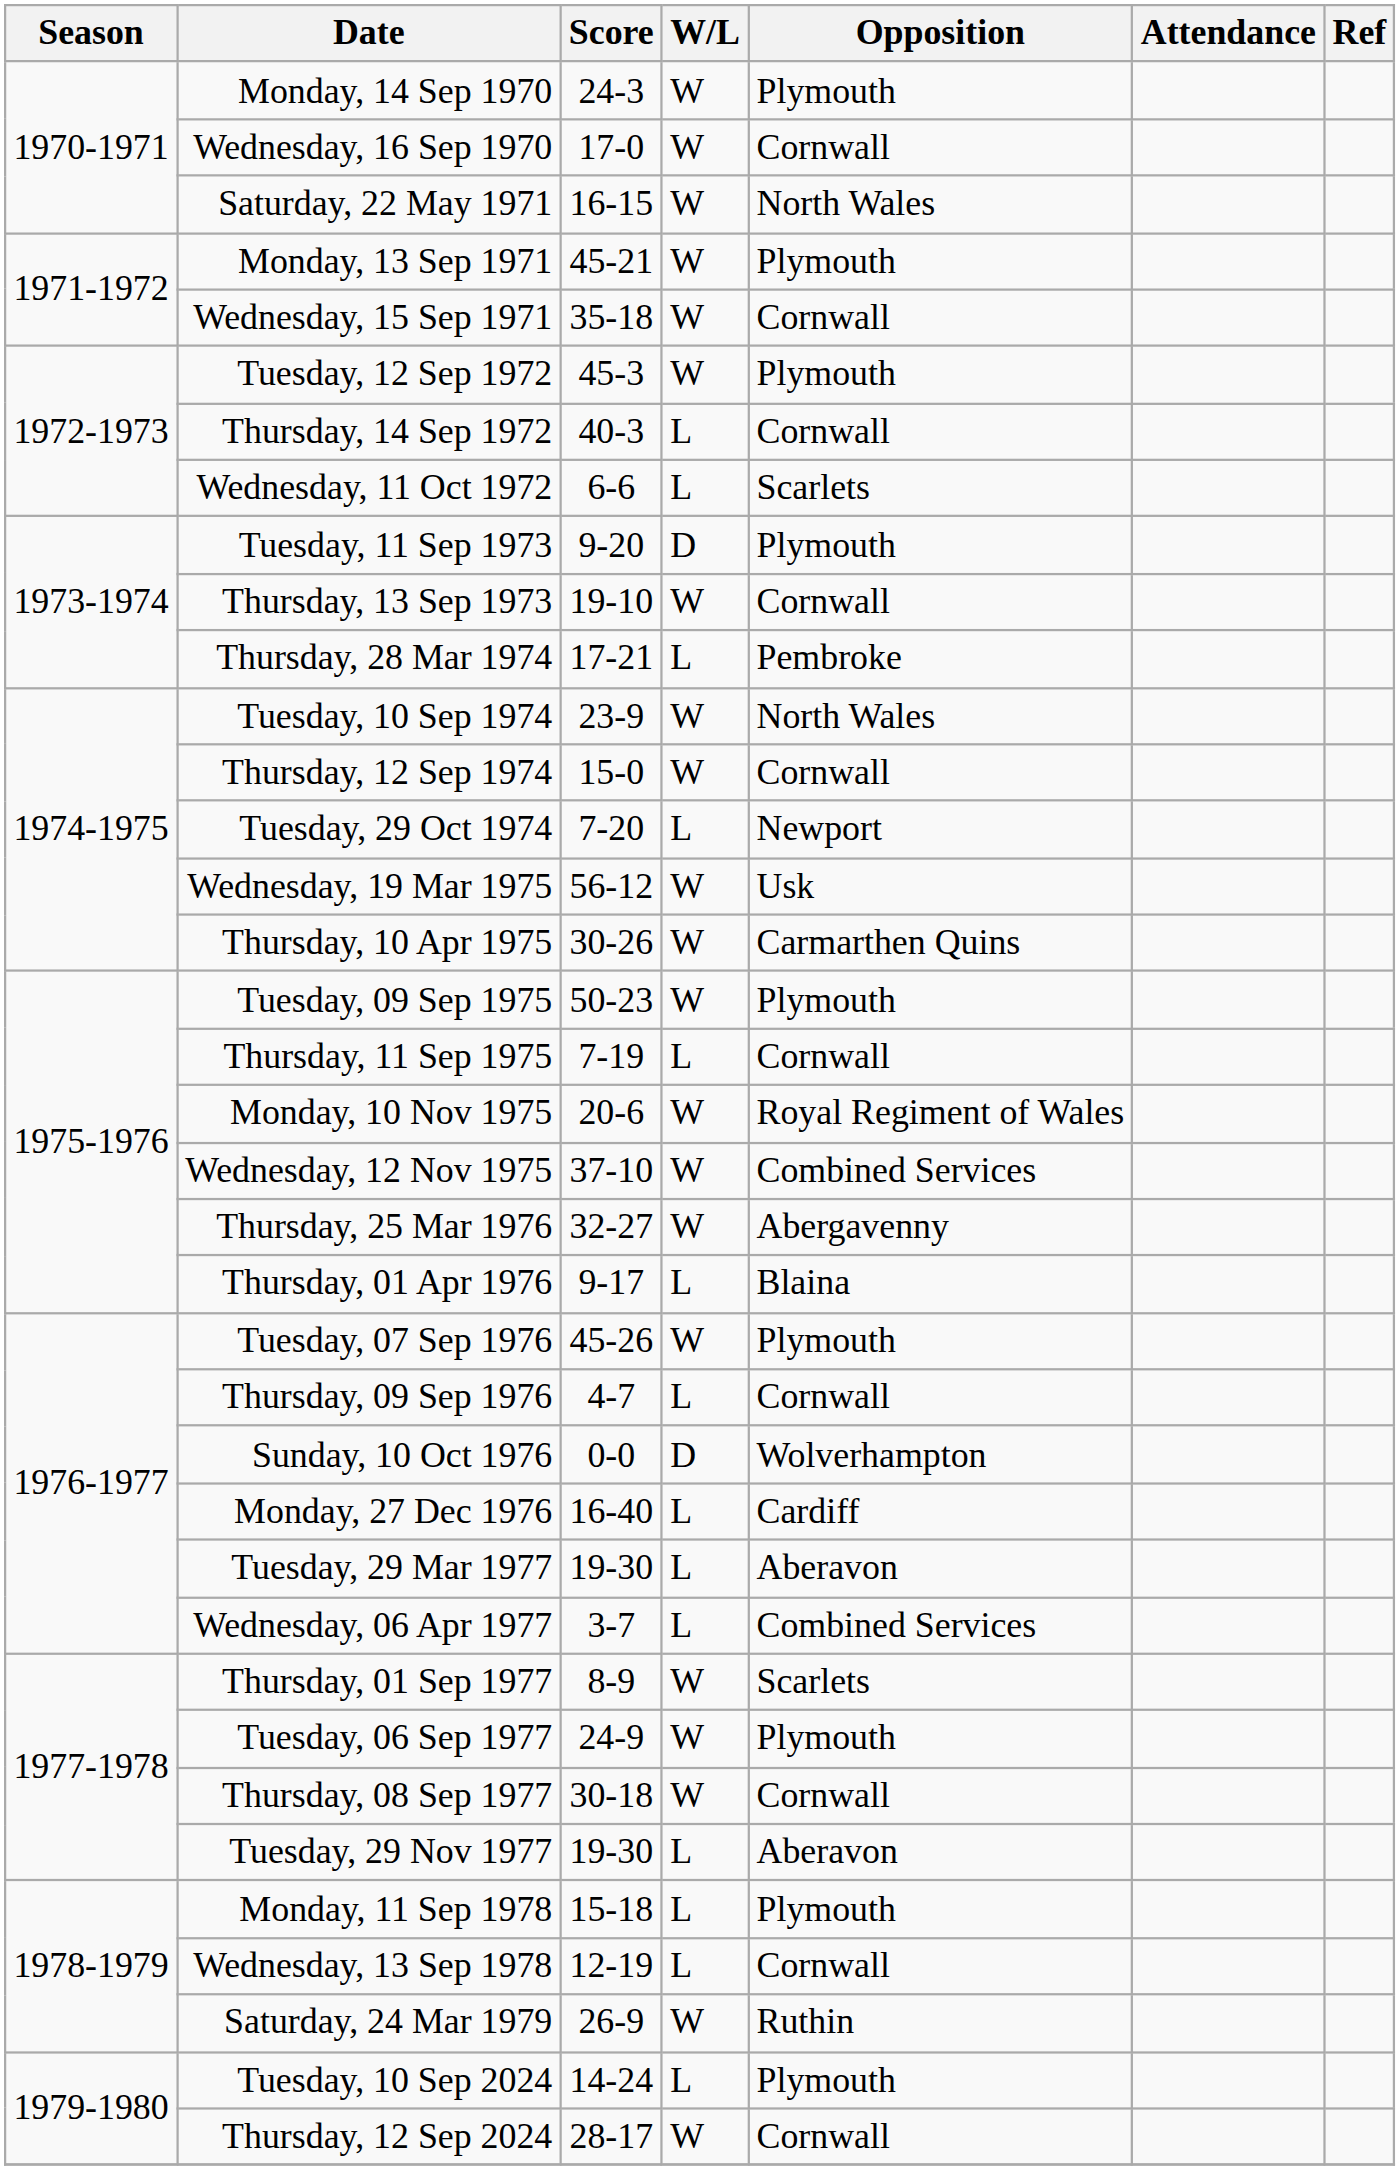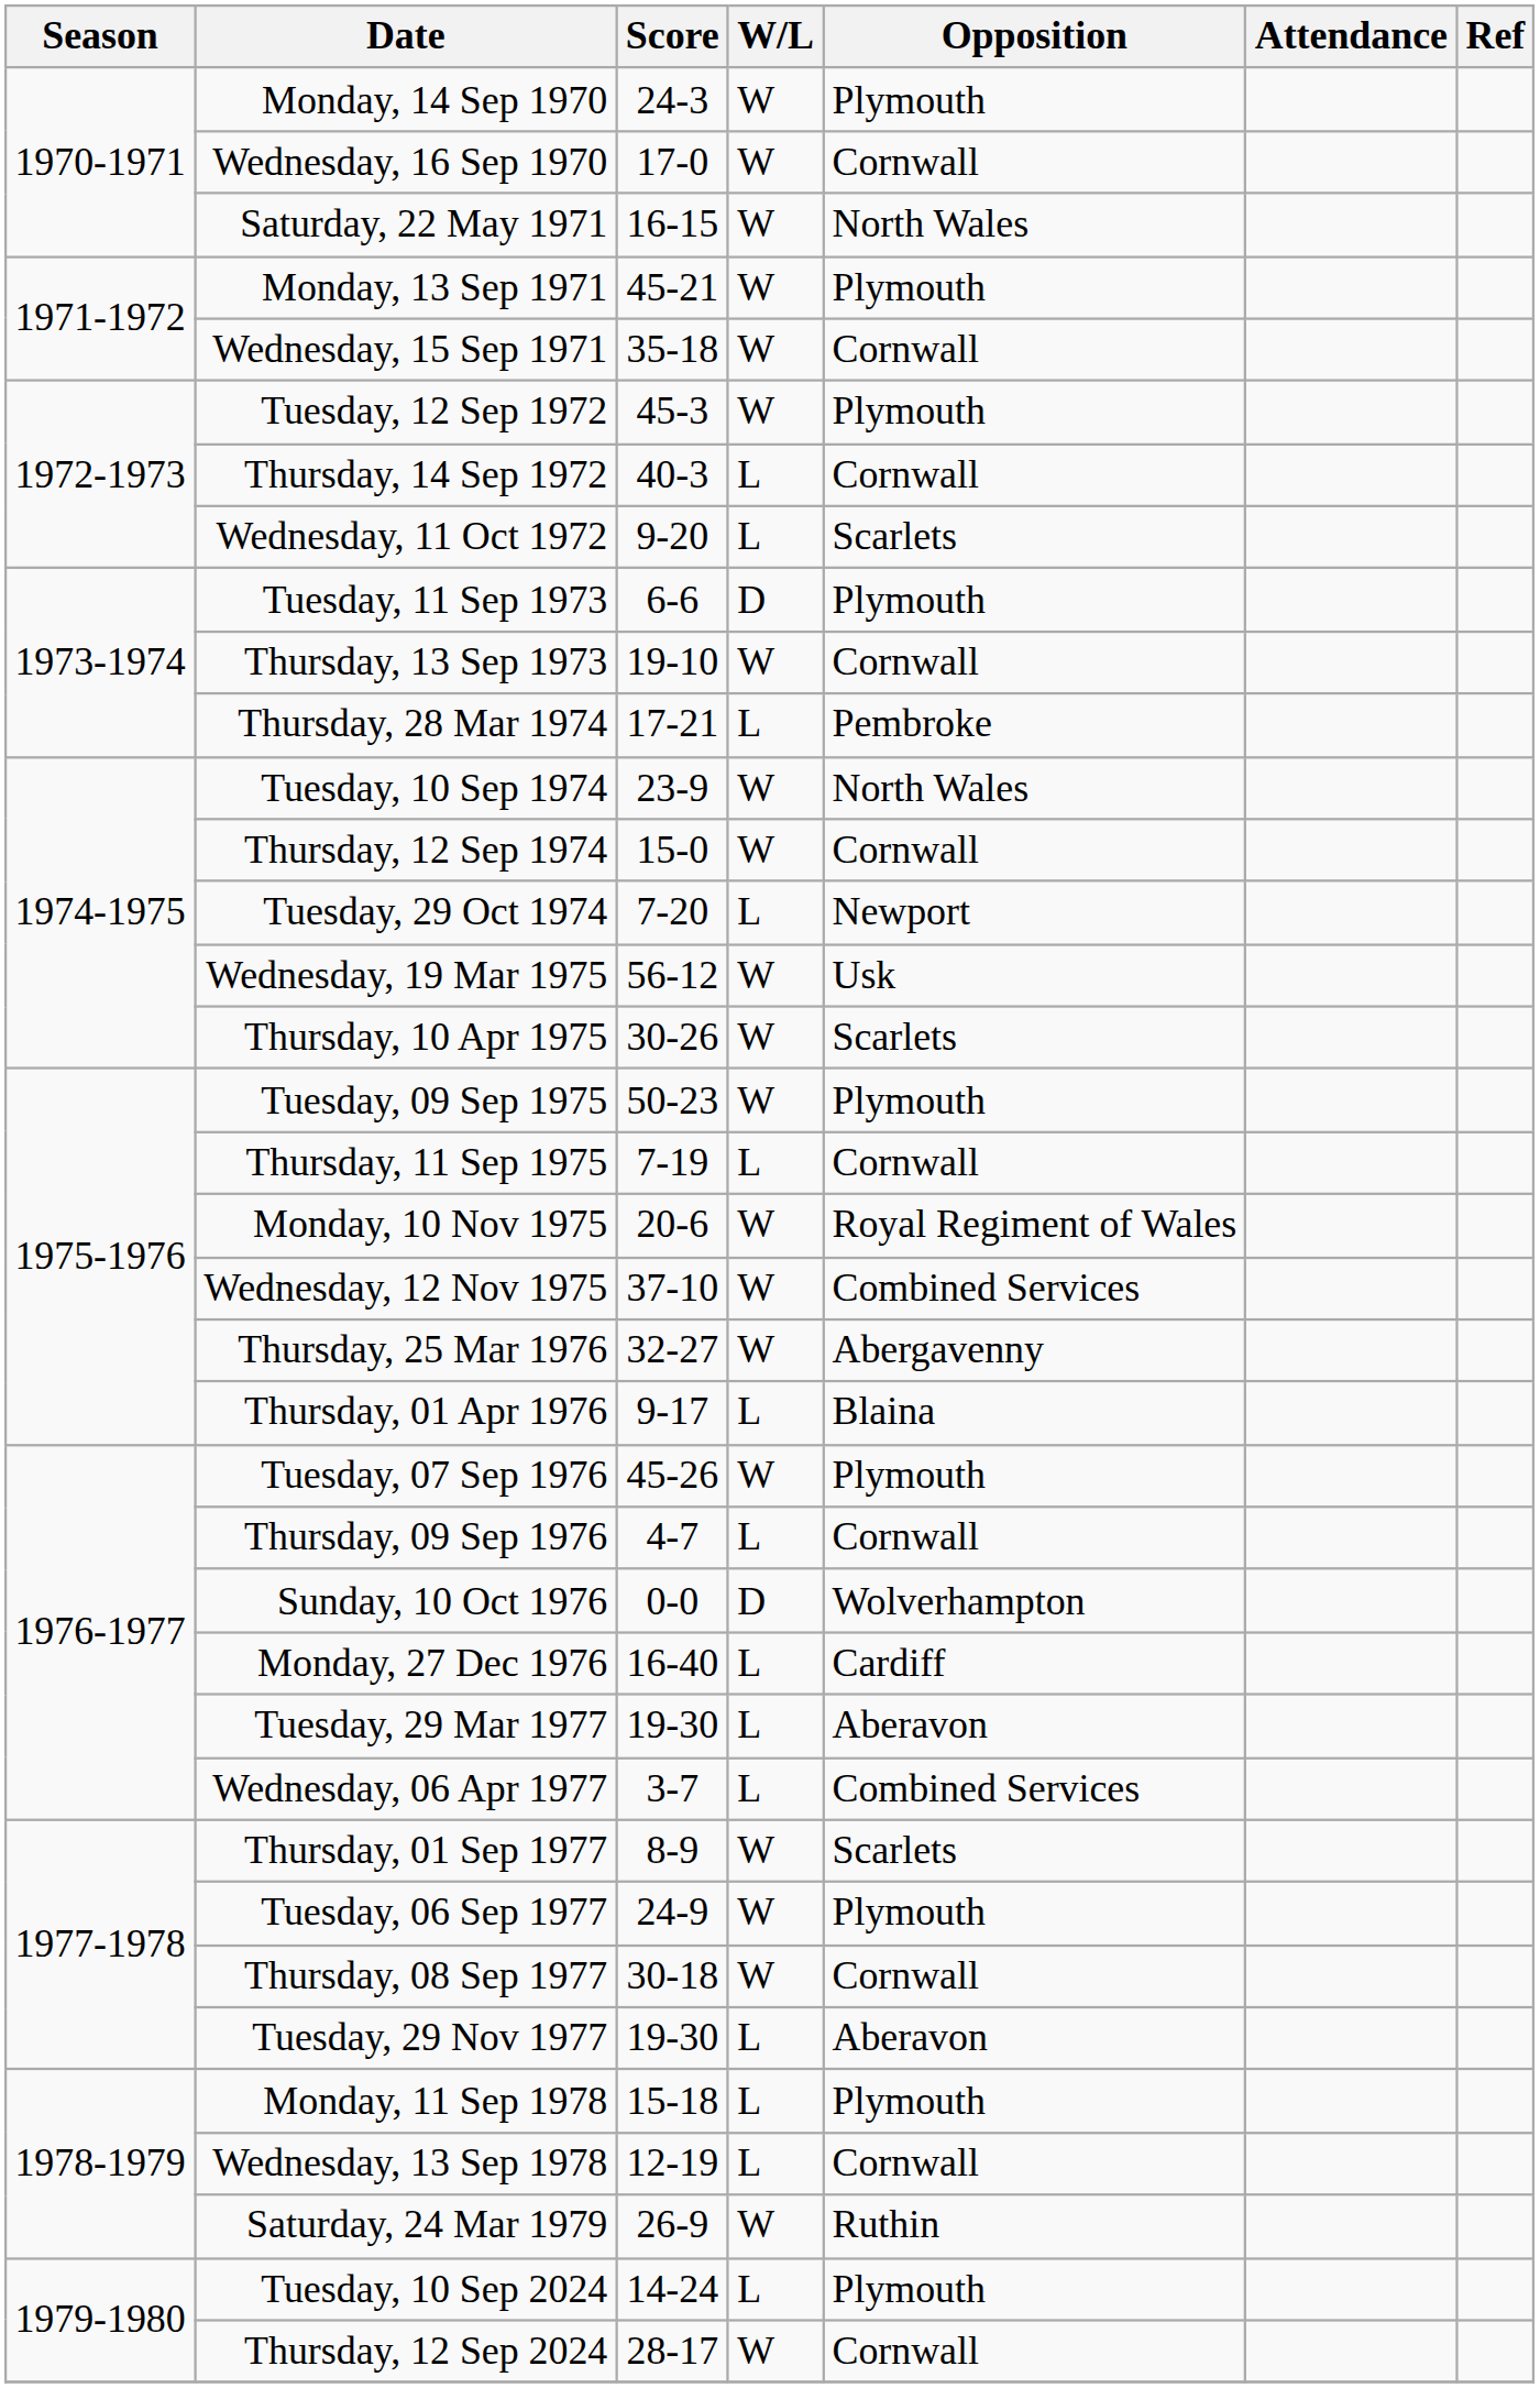 <table class="wikitable">
 <tr>
 <th>Season</th>
 <th>Date</th>
 <th>Score</th>
 <th>W/L</th>
 <th>Opposition</th>
 <th>Attendance</th>
 <th>Ref</th>
 </tr>
 <tr>
 <td rowspan=3>1970-1971</td>
 <td style="text-align:right;">Monday, 14 Sep 1970</td>
 <td style="text-align:center;">24-3</td>
 <td style="text-align:left;">W</td>
 <td>Plymouth</td>
 <td></td>
 </tr>
 <tr>
 <td style="text-align:right;">Wednesday, 16 Sep 1970</td>
 <td style="text-align:center;">17-0</td>
 <td style="text-align:left;">W</td>
 <td>Cornwall</td>
 <td></td>
 <td></td>
 </tr>
 <tr>
 <td style="text-align:right;">Saturday, 22 May 1971</td>
 <td style="text-align:center;">16-15</td>
 <td style="text-align:left;">W</td>
 <td>North Wales</td>
 <td></td>
 <td></td>
 </tr>
 <tr>
 <td rowspan=2>1971-1972</td>
 <td style="text-align:right;">Monday, 13 Sep 1971</td>
 <td style="text-align:center;">45-21</td>
 <td style="text-align:left;">W</td>
 <td>Plymouth</td>
 <td></td>
 </tr>
 <tr>
 <td style="text-align:right;">Wednesday, 15 Sep 1971</td>
 <td style="text-align:center;">35-18</td>
 <td style="text-align:left;">W</td>
 <td>Cornwall</td>
 <td></td>
 <td></td>
 </tr>
 <tr>
 <td rowspan=3>1972-1973</td>
 <td style="text-align:right;">Tuesday, 12 Sep 1972</td>
 <td style="text-align:center;">45-3</td>
 <td style="text-align:left;">W</td>
 <td>Plymouth</td>
 <td></td>
 </tr>
 <tr>
 <td style="text-align:right;">Thursday, 14 Sep 1972</td>
 <td style="text-align:center;">40-3</td>
 <td style="text-align:left;">L</td>
 <td>Cornwall</td>
 <td></td>
 <td></td>
 </tr>
 <tr>
 <td style="text-align:right;">Wednesday, 11 Oct 1972</td>
-<td style="text-align:center;">6-6</td>
+<td style="text-align:center;">9-20</td>
 <td style="text-align:left;">L</td>
 <td>Scarlets</td>
 <td></td>
 <td></td>
 </tr>
 <tr>
 <td rowspan=3>1973-1974</td>
 <td style="text-align:right;">Tuesday, 11 Sep 1973</td>
-<td style="text-align:center;">9-20</td>
+<td style="text-align:center;">6-6</td>
 <td style="text-align:left;">D</td>
 <td>Plymouth</td>
 <td></td>
 </tr>
 <tr>
 <td style="text-align:right;">Thursday, 13 Sep 1973</td>
 <td style="text-align:center;">19-10</td>
 <td style="text-align:left;">W</td>
 <td>Cornwall</td>
 <td></td>
 <td></td>
 </tr>
 <tr>
 <td style="text-align:right;">Thursday, 28 Mar 1974</td>
 <td style="text-align:center;">17-21</td>
 <td style="text-align:left;">L</td>
 <td>Pembroke</td>
 <td></td>
 <td></td>
 </tr>
 <tr>
 <td rowspan=5>1974-1975</td>
 <td style="text-align:right;">Tuesday, 10 Sep 1974</td>
 <td style="text-align:center;">23-9</td>
 <td style="text-align:left;">W</td>
 <td>North Wales</td>
 <td></td>
 </tr>
 <tr>
 <td style="text-align:right;">Thursday, 12 Sep 1974</td>
 <td style="text-align:center;">15-0</td>
 <td style="text-align:left;">W</td>
 <td>Cornwall</td>
 <td></td>
 <td></td>
 </tr>
 <tr>
 <td style="text-align:right;">Tuesday, 29 Oct 1974</td>
 <td style="text-align:center;">7-20</td>
 <td style="text-align:left;">L</td>
 <td>Newport</td>
 <td></td>
 <td></td>
 </tr>
 <tr>
 <td style="text-align:right;">Wednesday, 19 Mar 1975</td>
 <td style="text-align:center;">56-12</td>
 <td style="text-align:left;">W</td>
 <td>Usk</td>
 <td></td>
 <td></td>
 </tr>
 <tr>
 <td style="text-align:right;">Thursday, 10 Apr 1975</td>
 <td style="text-align:center;">30-26</td>
 <td style="text-align:left;">W</td>
-<td>Carmarthen Quins</td>
+<td>Scarlets</td>
 <td></td>
 <td></td>
 </tr>
 <tr>
 <td rowspan=6>1975-1976</td>
 <td style="text-align:right;">Tuesday, 09 Sep 1975</td>
 <td style="text-align:center;">50-23</td>
 <td style="text-align:left;">W</td>
 <td>Plymouth</td>
 <td></td>
 </tr>
 <tr>
 <td style="text-align:right;">Thursday, 11 Sep 1975</td>
 <td style="text-align:center;">7-19</td>
 <td style="text-align:left;">L</td>
 <td>Cornwall</td>
 <td></td>
 <td></td>
 </tr>
 <tr>
 <td style="text-align:right;">Monday, 10 Nov 1975</td>
 <td style="text-align:center;">20-6</td>
 <td style="text-align:left;">W</td>
 <td>Royal Regiment of Wales</td>
 <td></td>
 <td></td>
 </tr>
 <tr>
 <td style="text-align:right;">Wednesday, 12 Nov 1975</td>
 <td style="text-align:center;">37-10</td>
 <td style="text-align:left;">W</td>
 <td>Combined Services</td>
 <td></td>
 <td></td>
 </tr>
 <tr>
 <td style="text-align:right;">Thursday, 25 Mar 1976</td>
 <td style="text-align:center;">32-27</td>
 <td style="text-align:left;">W</td>
 <td>Abergavenny</td>
 <td></td>
 <td></td>
 </tr>
 <tr>
 <td style="text-align:right;">Thursday, 01 Apr 1976</td>
 <td style="text-align:center;">9-17</td>
 <td style="text-align:left;">L</td>
 <td>Blaina</td>
 <td></td>
 <td></td>
 </tr>
 <tr>
 <td rowspan=6>1976-1977</td>
 <td style="text-align:right;">Tuesday, 07 Sep 1976</td>
 <td style="text-align:center;">45-26</td>
 <td style="text-align:left;">W</td>
 <td>Plymouth</td>
 <td></td>
 </tr>
 <tr>
 <td style="text-align:right;">Thursday, 09 Sep 1976</td>
 <td style="text-align:center;">4-7</td>
 <td style="text-align:left;">L</td>
 <td>Cornwall</td>
 <td></td>
 <td></td>
 </tr>
 <tr>
 <td style="text-align:right;">Sunday, 10 Oct 1976</td>
 <td style="text-align:center;">0-0</td>
 <td style="text-align:left;">D</td>
 <td>Wolverhampton</td>
 <td></td>
 <td></td>
 </tr>
 <tr>
 <td style="text-align:right;">Monday, 27 Dec 1976</td>
 <td style="text-align:center;">16-40</td>
 <td style="text-align:left;">L</td>
 <td>Cardiff</td>
 <td></td>
 <td></td>
 </tr>
 <tr>
 <td style="text-align:right;">Tuesday, 29 Mar 1977</td>
 <td style="text-align:center;">19-30</td>
 <td style="text-align:left;">L</td>
 <td>Aberavon</td>
 <td></td>
 <td></td>
 </tr>
 <tr>
 <td style="text-align:right;">Wednesday, 06 Apr 1977</td>
 <td style="text-align:center;">3-7</td>
 <td style="text-align:left;">L</td>
 <td>Combined Services</td>
 <td></td>
 <td></td>
 </tr>
 <tr>
 <td rowspan=4>1977-1978</td>
 <td style="text-align:right;">Thursday, 01 Sep 1977</td>
 <td style="text-align:center;">8-9</td>
 <td style="text-align:left;">W</td>
 <td>Scarlets</td>
 <td></td>
 <td></td>
 </tr>
 <tr>
 <td style="text-align:right;">Tuesday, 06 Sep 1977</td>
 <td style="text-align:center;">24-9</td>
 <td style="text-align:left;">W</td>
 <td>Plymouth</td>
 <td></td>
 <td></td>
 </tr>
 <tr>
 <td style="text-align:right;">Thursday, 08 Sep 1977</td>
 <td style="text-align:center;">30-18</td>
 <td style="text-align:left;">W</td>
 <td>Cornwall</td>
 <td></td>
 </tr>
 <tr>
 <td style="text-align:right;">Tuesday, 29 Nov 1977</td>
 <td style="text-align:center;">19-30</td>
 <td style="text-align:left;">L</td>
 <td>Aberavon</td>
 <td></td>
 <td></td>
 </tr>
 <tr>
 <td rowspan=3>1978-1979</td>
 <td style="text-align:right;">Monday, 11 Sep 1978</td>
 <td style="text-align:center;">15-18</td>
 <td style="text-align:left;">L</td>
 <td>Plymouth</td>
 <td></td>
 </tr>
 <tr>
 <td style="text-align:right;">Wednesday, 13 Sep 1978</td>
 <td style="text-align:center;">12-19</td>
 <td style="text-align:left;">L</td>
 <td>Cornwall</td>
 <td></td>
 <td></td>
 </tr>
 <tr>
 <td style="text-align:right;">Saturday, 24 Mar 1979</td>
 <td style="text-align:center;">26-9</td>
 <td style="text-align:left;">W</td>
 <td>Ruthin</td>
 <td></td>
 <td></td>
 </tr>
 <tr>
 <td rowspan=2>1979-1980</td>
 <td style="text-align:right;">Tuesday, 10 Sep 2024</td>
 <td style="text-align:center;">14-24</td>
 <td style="text-align:left;">L</td>
 <td>Plymouth</td>
 <td></td>
 </tr>
 <tr>
 <td style="text-align:right;">Thursday, 12 Sep 2024</td>
 <td style="text-align:center;">28-17</td>
 <td style="text-align:left;">W</td>
 <td>Cornwall</td>
 <td></td>
 <td></td>
 </tr>
 <tr>
 </tr>
 </table>
